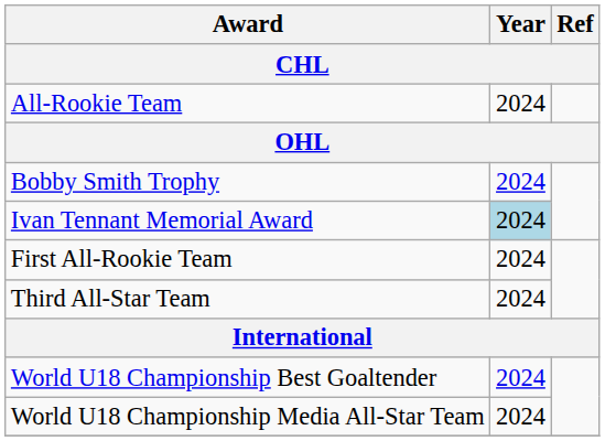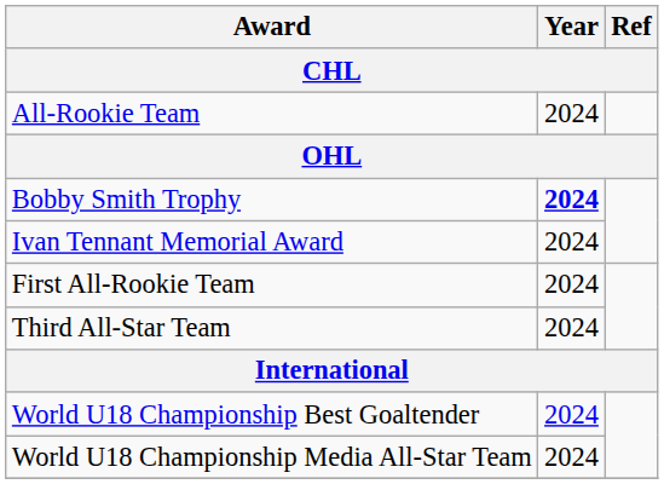 <table class="wikitable">
 <tr>
 <th>Award</th>
 <th>Year</th>
 <th>Ref</th>
 </tr>
 <tr>
 <th colspan="4"><a href='#'>CHL</a></th>
 </tr>
 <tr>
 <td><a href='#'>All-Rookie Team</a></td>
 <td>2024</td>
 <td></td>
 </tr>
 <tr>
 <th colspan="4"><a href='#'>OHL</a></th>
 </tr>
 <tr>
 <td><a href='#'>Bobby Smith Trophy</a></td>
-<td><a href='#'>2024</a></td>
+<td><strong><a href='#'>2024</a></strong></td>
 <td rowspan="2"></td>
 </tr>
 <tr>
 <td><a href='#'>Ivan Tennant Memorial Award</a></td>
-<td style="background: lightblue;">2024</td>
+<td>2024</td>
 </tr>
 <tr>
 <td>First All-Rookie Team</td>
 <td>2024</td>
 <td rowspan="2"></td>
 </tr>
 <tr>
 <td>Third All-Star Team</td>
 <td>2024</td>
 </tr>
 <tr>
 <th colspan="4"><a href='#'>International</a></th>
 </tr>
 <tr>
 <td><a href='#'>World U18 Championship</a> Best Goaltender</td>
 <td><a href='#'>2024</a></td>
 <td rowspan="2"></td>
 </tr>
 <tr>
 <td>World U18 Championship Media All-Star Team</td>
 <td>2024</td>
 </tr>
 <tr>
 </tr>
 </table>
